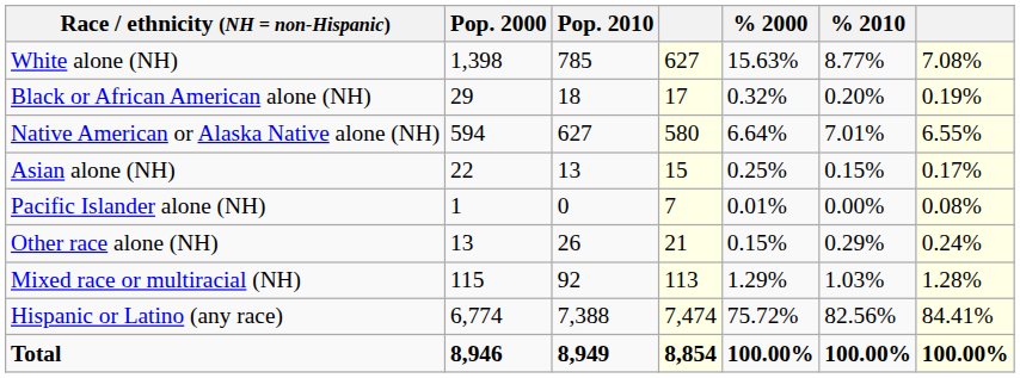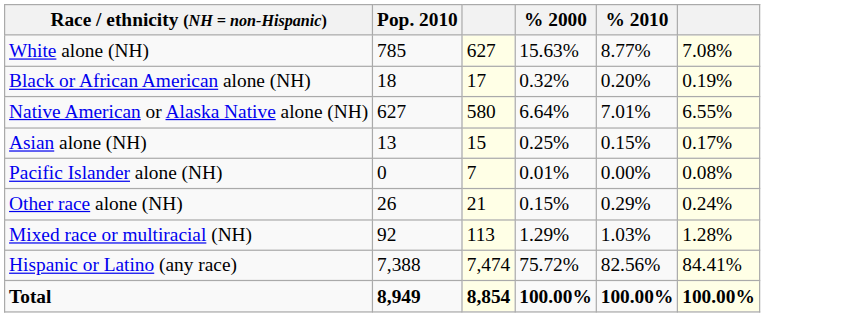 <table class="wikitable">
 <tr>
 <th>Race / ethnicity <small>(<em>NH = non-Hispanic</em>)</small></th>
-<th>Pop. 2000</th>
 <th>Pop. 2010</th>
 <th></th>
 <th>% 2000</th>
 <th>% 2010</th>
 <th></th>
 </tr>
 <tr>
 <td><a href='#'>White</a> alone (NH)</td>
-<td>1,398</td>
 <td>785</td>
 <td style='background: #ffffe6;'>627</td>
 <td>15.63%</td>
 <td>8.77%</td>
 <td style='background: #ffffe6;'>7.08%</td>
 </tr>
 <tr>
 <td><a href='#'>Black or African American</a> alone (NH)</td>
-<td>29</td>
 <td>18</td>
 <td style='background: #ffffe6;'>17</td>
 <td>0.32%</td>
 <td>0.20%</td>
 <td style='background: #ffffe6;'>0.19%</td>
 </tr>
 <tr>
 <td><a href='#'>Native American</a> or <a href='#'>Alaska Native</a> alone (NH)</td>
-<td>594</td>
 <td>627</td>
 <td style='background: #ffffe6;'>580</td>
 <td>6.64%</td>
 <td>7.01%</td>
 <td style='background: #ffffe6;'>6.55%</td>
 </tr>
 <tr>
 <td><a href='#'>Asian</a> alone (NH)</td>
-<td>22</td>
 <td>13</td>
 <td style='background: #ffffe6;'>15</td>
 <td>0.25%</td>
 <td>0.15%</td>
 <td style='background: #ffffe6;'>0.17%</td>
 </tr>
 <tr>
 <td><a href='#'>Pacific Islander</a> alone (NH)</td>
-<td>1</td>
 <td>0</td>
 <td style='background: #ffffe6;'>7</td>
 <td>0.01%</td>
 <td>0.00%</td>
 <td style='background: #ffffe6;'>0.08%</td>
 </tr>
 <tr>
 <td><a href='#'>Other race</a> alone (NH)</td>
-<td>13</td>
 <td>26</td>
 <td style='background: #ffffe6;'>21</td>
 <td>0.15%</td>
 <td>0.29%</td>
 <td style='background: #ffffe6;'>0.24%</td>
 </tr>
 <tr>
 <td><a href='#'>Mixed race or multiracial</a> (NH)</td>
-<td>115</td>
 <td>92</td>
 <td style='background: #ffffe6;'>113</td>
 <td>1.29%</td>
 <td>1.03%</td>
 <td style='background: #ffffe6;'>1.28%</td>
 </tr>
 <tr>
 <td><a href='#'>Hispanic or Latino</a> (any race)</td>
-<td>6,774</td>
 <td>7,388</td>
 <td style='background: #ffffe6;'>7,474</td>
 <td>75.72%</td>
 <td>82.56%</td>
 <td style='background: #ffffe6;'>84.41%</td>
 </tr>
 <tr>
 <td><strong>Total</strong></td>
-<td><strong>8,946</strong></td>
 <td><strong>8,949</strong></td>
 <td style='background: #ffffe6;'><strong>8,854</strong></td>
 <td><strong>100.00%</strong></td>
 <td><strong>100.00%</strong></td>
 <td style='background: #ffffe6;'><strong>100.00%</strong></td>
 </tr>
 </table>
